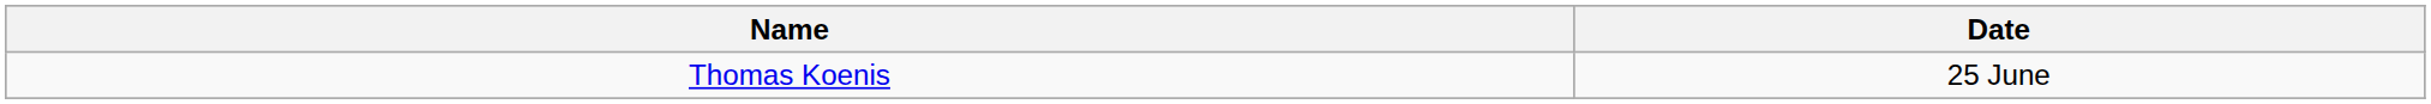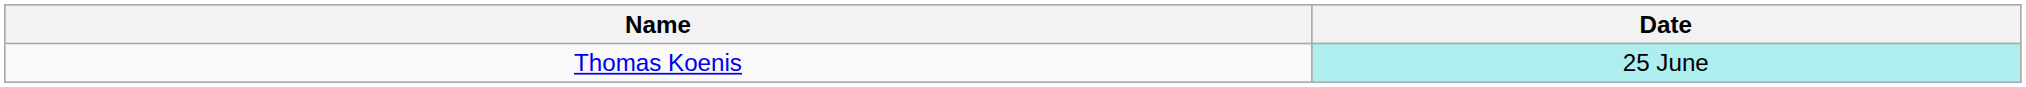 <table class="wikitable sortable" style="text-align:center;font-size:90%;width:95%">
 <tr>
 <th>Name</th>
 <th>Date</th>
 </tr>
 <tr>
 <td><a href='#'>Thomas Koenis</a></td>
-<td>25 June</td>
+<td style="background: paleturquoise;">25 June</td>
 </tr>
 </table>
